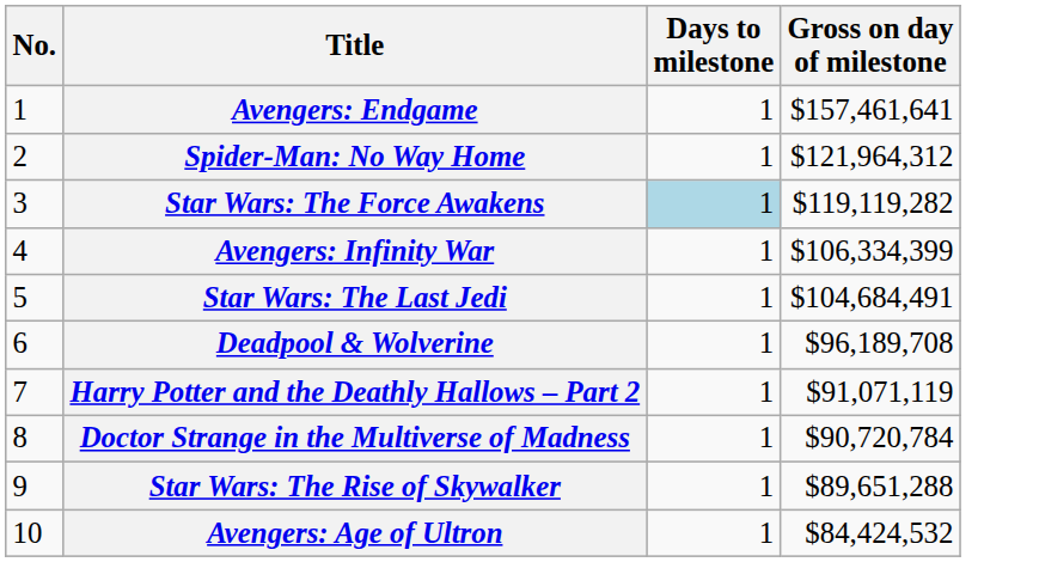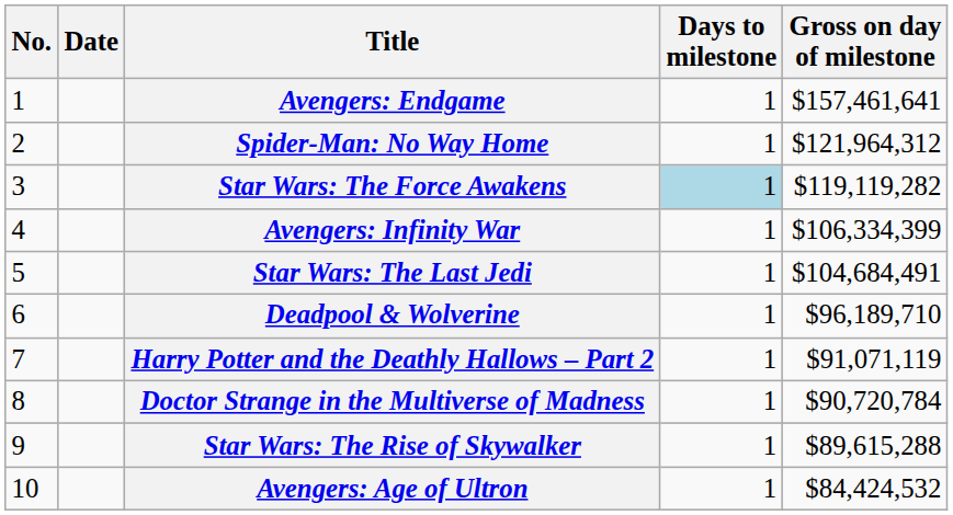 <table class="wikitable">
 <tr>
 <th scope="col">No.</th>
+<th scope="col">Date</th>
 <th scope="col">Title</th>
 <th scope="col">Days to <br>milestone</th>
 <th scope="col">Gross on day <br>of milestone</th>
 </tr>
 <tr>
 <td>1</td>
+<td></td>
 <th scope="row"><em><a href='#'>Avengers: Endgame</a></em></th>
 <td style="text-align:right;">1</td>
 <td style="text-align:right;">$157,461,641</td>
 </tr>
 <tr>
 <td>2</td>
+<td></td>
 <th scope="row"><em><a href='#'>Spider-Man: No Way Home</a></em></th>
 <td style="text-align:right;">1</td>
 <td style="text-align:right;">$121,964,312</td>
 </tr>
 <tr>
 <td>3</td>
+<td></td>
 <th scope="row"><em><a href='#'>Star Wars: The Force Awakens</a></em></th>
 <td style="background: lightblue; text-align:right;">1</td>
 <td style="text-align:right;">$119,119,282</td>
 </tr>
 <tr>
 <td>4</td>
+<td></td>
 <th scope="row"><em><a href='#'>Avengers: Infinity War</a></em></th>
 <td style="text-align:right;">1</td>
 <td style="text-align:right;">$106,334,399</td>
 </tr>
 <tr>
 <td>5</td>
+<td></td>
 <th scope="row"><em><a href='#'>Star Wars: The Last Jedi</a></em></th>
 <td style="text-align:right;">1</td>
 <td style="text-align:right;">$104,684,491</td>
 </tr>
 <tr>
 <td>6</td>
+<td></td>
 <th scope="row"><em><a href='#'>Deadpool & Wolverine</a></em></th>
 <td style="text-align:right;">1</td>
-<td style="text-align:right;">$96,189,708</td>
+<td style="text-align:right;">$96,189,710</td>
 </tr>
 <tr>
 <td>7</td>
+<td></td>
 <th scope="row"><em><a href='#'>Harry Potter and the Deathly Hallows – Part 2</a></em></th>
 <td style="text-align:right;">1</td>
 <td style="text-align:right;">$91,071,119</td>
 </tr>
 <tr>
 <td>8</td>
+<td></td>
 <th scope="row"><em><a href='#'>Doctor Strange in the Multiverse of Madness</a></em></th>
 <td style="text-align:right;">1</td>
 <td style="text-align:right;">$90,720,784</td>
 </tr>
 <tr>
 <td>9</td>
+<td></td>
 <th scope="row"><em><a href='#'>Star Wars: The Rise of Skywalker</a></em></th>
 <td style="text-align:right;">1</td>
-<td style="text-align:right;">$89,651,288</td>
+<td style="text-align:right;">$89,615,288</td>
 </tr>
 <tr>
 <td>10</td>
+<td></td>
 <th scope="row"><em><a href='#'>Avengers: Age of Ultron</a></em></th>
 <td style="text-align:right;">1</td>
 <td style="text-align:right;">$84,424,532</td>
 </tr>
 </table>
